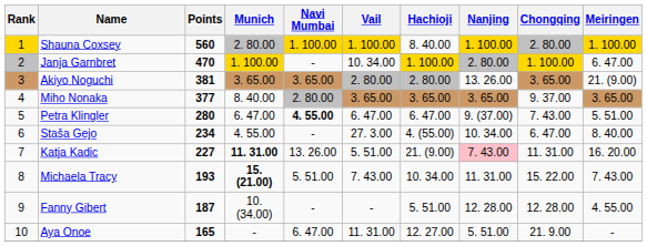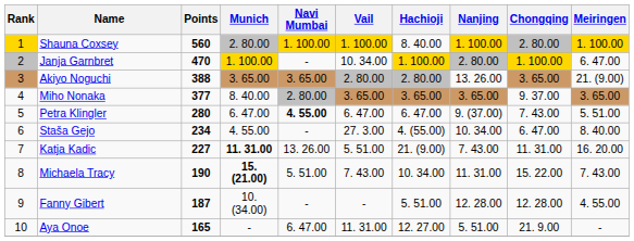 <table class="wikitable sortable">
 <tr>
 <th>Rank</th>
 <th width = "200">Name</th>
 <th>Points</th>
 <th width = "75" data-sort-type="number"><a href='#'>Munich</a></th>
 <th width = "75" data-sort-type="number"><a href='#'>Navi Mumbai</a></th>
 <th width = "75" data-sort-type="number"><a href='#'>Vail</a></th>
 <th width = "75" data-sort-type="number"><a href='#'>Hachioji</a></th>
 <th width = "75" data-sort-type="number"><a href='#'>Nanjing</a></th>
 <th width = "75" data-sort-type="number"><a href='#'>Chongqing</a></th>
 <th width = "75" data-sort-type="number"><a href='#'>Meiringen</a></th>
 </tr>
 <tr>
 <td align="center" style="background: gold">1</td>
 <td> <a href='#'>Shauna Coxsey</a></td>
 <td align="center"><strong>560</strong></td>
 <td align="center" style="background: silver">2. 80.00</td>
 <td align="center" style="background: gold">1. 100.00</td>
 <td align="center" style="background: gold">1. 100.00</td>
 <td align="center">8. 40.00</td>
 <td align="center" style="background: gold">1. 100.00</td>
 <td align="center" style="background: silver">2. 80.00</td>
 <td align="center" style="background: gold">1. 100.00</td>
 </tr>
 <tr>
 <td align="center" style="background: silver">2</td>
 <td> <a href='#'>Janja Garnbret</a></td>
 <td align="center"><strong>470</strong></td>
 <td align="center" style="background: gold">1. 100.00</td>
 <td align="center">-</td>
 <td align="center">10. 34.00</td>
 <td align="center" style="background: gold">1. 100.00</td>
 <td align="center" style="background: silver">2. 80.00</td>
 <td align="center" style="background: gold">1. 100.00</td>
 <td align="center">6. 47.00</td>
 </tr>
 <tr>
 <td align="center" style="background: #cc9966">3</td>
 <td> <a href='#'>Akiyo Noguchi</a></td>
-<td align="center"><strong>381</strong></td>
+<td align="center"><strong>388</strong></td>
 <td align="center" style="background: #cc9966">3. 65.00</td>
 <td align="center" style="background: #cc9966">3. 65.00</td>
 <td align="center" style="background: silver">2. 80.00</td>
 <td align="center" style="background: silver">2. 80.00</td>
 <td align="center">13. 26.00</td>
 <td align="center" style="background: #cc9966">3. 65.00</td>
 <td align="center">21. (9.00)</td>
 </tr>
 <tr>
 <td align="center">4</td>
 <td> <a href='#'>Miho Nonaka</a></td>
 <td align="center"><strong>377</strong></td>
 <td align="center">8. 40.00</td>
 <td align="center" style="background: silver">2. 80.00</td>
 <td align="center" style="background: #cc9966">3. 65.00</td>
 <td align="center" style="background: #cc9966">3. 65.00</td>
 <td align="center" style="background: #cc9966">3. 65.00</td>
 <td align="center">9. 37.00</td>
 <td align="center" style="background: #cc9966">3. 65.00</td>
 </tr>
 <tr>
 <td align="center">5</td>
 <td> <a href='#'>Petra Klingler</a></td>
 <td align="center"><strong>280</strong></td>
 <td align="center">6. 47.00</td>
 <td align="center"><strong>4. 55.00</strong></td>
 <td align="center">6. 47.00</td>
 <td align="center">6. 47.00</td>
 <td align="center">9. (37.00)</td>
 <td align="center">7. 43.00</td>
 <td align="center">5. 51.00</td>
 </tr>
 <tr>
 <td align="center">6</td>
 <td> <a href='#'>Staša Gejo</a></td>
 <td align="center"><strong>234</strong></td>
 <td align="center">4. 55.00</td>
 <td align="center">-</td>
 <td align="center">27. 3.00</td>
 <td align="center">4. (55.00)</td>
 <td align="center">10. 34.00</td>
 <td align="center">6. 47.00</td>
 <td align="center">8. 40.00</td>
 </tr>
 <tr>
 <td align="center">7</td>
 <td> <a href='#'>Katja Kadic</a></td>
 <td align="center"><strong>227</strong></td>
 <td align="center"><strong>11. 31.00</strong></td>
 <td align="center">13. 26.00</td>
 <td align="center">5. 51.00</td>
 <td align="center">21. (9.00)</td>
-<td align="center" style="background: pink;">7. 43.00</td>
+<td align="center">7. 43.00</td>
 <td align="center">11. 31.00</td>
 <td align="center">16. 20.00</td>
 </tr>
 <tr>
 <td align="center">8</td>
 <td> <a href='#'>Michaela Tracy</a></td>
-<td align="center"><strong>193</strong></td>
+<td align="center"><strong>190</strong></td>
 <td align="center"><strong>15. (21.00)</strong></td>
 <td align="center">5. 51.00</td>
 <td align="center">7. 43.00</td>
 <td align="center">10. 34.00</td>
 <td align="center">11. 31.00</td>
 <td align="center">15. 22.00</td>
 <td align="center">7. 43.00</td>
 </tr>
 <tr>
 <td align="center">9</td>
 <td> <a href='#'>Fanny Gibert</a></td>
 <td align="center"><strong>187</strong></td>
 <td align="center">10. (34.00)</td>
 <td align="center">-</td>
 <td align="center">-</td>
 <td align="center">5. 51.00</td>
 <td align="center">12. 28.00</td>
 <td align="center">12. 28.00</td>
 <td align="center">4. 55.00</td>
 </tr>
 <tr>
 <td align="center">10</td>
 <td> <a href='#'>Aya Onoe</a></td>
 <td align="center"><strong>165</strong></td>
 <td align="center">-</td>
 <td align="center">6. 47.00</td>
 <td align="center">11. 31.00</td>
 <td align="center">12. 27.00</td>
 <td align="center">5. 51.00</td>
 <td align="center">21. 9.00</td>
 <td align="center">-</td>
 </tr>
 <tr>
 </tr>
 </table>
